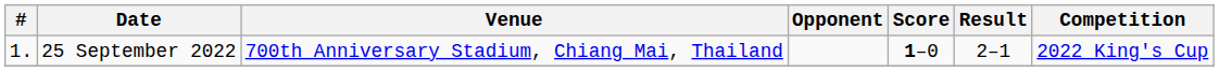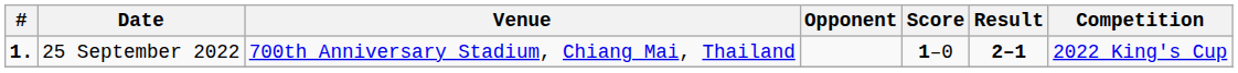 <table class="wikitable">
 <tr>
 <th>#</th>
 <th>Date</th>
 <th>Venue</th>
 <th>Opponent</th>
 <th>Score</th>
 <th>Result</th>
 <th>Competition</th>
 </tr>
 <tr>
-<td>1.</td>
+<td><strong>1.</strong></td>
 <td>25 September 2022</td>
 <td><a href='#'>700th Anniversary Stadium</a>, <a href='#'>Chiang Mai</a>, <a href='#'>Thailand</a></td>
 <td></td>
 <td align=center><strong>1</strong>–0</td>
-<td align=center>2–1</td>
+<td align=center><strong>2–1</strong></td>
 <td><a href='#'>2022 King's Cup</a></td>
 </tr>
 <tr>
 </tr>
 </table>
